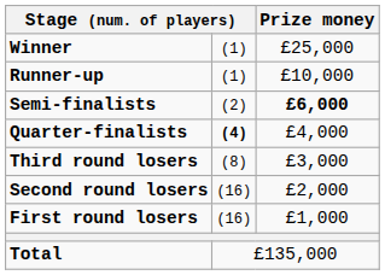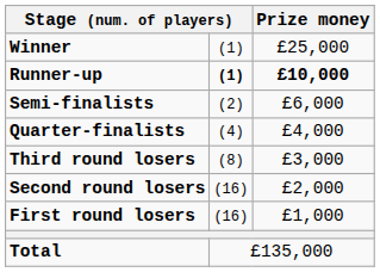 <table class="wikitable">
 <tr>
 <th colspan=2>Stage <small>(num. of players)</small></th>
 <th>Prize money</th>
 </tr>
 <tr>
 <td><strong>Winner</strong></td>
 <td align=center><small>(1)</small></td>
 <td align=center>£25,000</td>
 </tr>
 <tr>
 <td><strong>Runner-up</strong></td>
-<td align=center><small>(1)</small></td>
-<td align=center>£10,000</td>
+<td align=center><strong><small>(1)</small></strong></td>
+<td align=center><strong>£10,000</strong></td>
 </tr>
 <tr>
 <td><strong>Semi-finalists</strong></td>
 <td align=center><small>(2)</small></td>
-<td align=center><strong>£6,000</strong></td>
+<td align=center>£6,000</td>
 </tr>
 <tr>
 <td><strong>Quarter-finalists</strong></td>
-<td align=center><strong><small>(4)</small></strong></td>
+<td align=center><small>(4)</small></td>
 <td align=center>£4,000</td>
 </tr>
 <tr>
 <td><strong>Third round losers</strong></td>
 <td align=center><small>(8)</small></td>
 <td align=center>£3,000</td>
 </tr>
 <tr>
 <td><strong>Second round losers</strong></td>
 <td align=center><small>(16)</small></td>
 <td align=center>£2,000</td>
 </tr>
 <tr>
 <td><strong>First round losers</strong></td>
 <td align=center><small>(16)</small></td>
 <td align=center>£1,000</td>
 </tr>
 <tr>
 <th colspan=3></th>
 </tr>
 <tr>
 <td><strong>Total</strong></td>
 <td align=center colspan=2>£135,000</td>
 </tr>
 </table>
